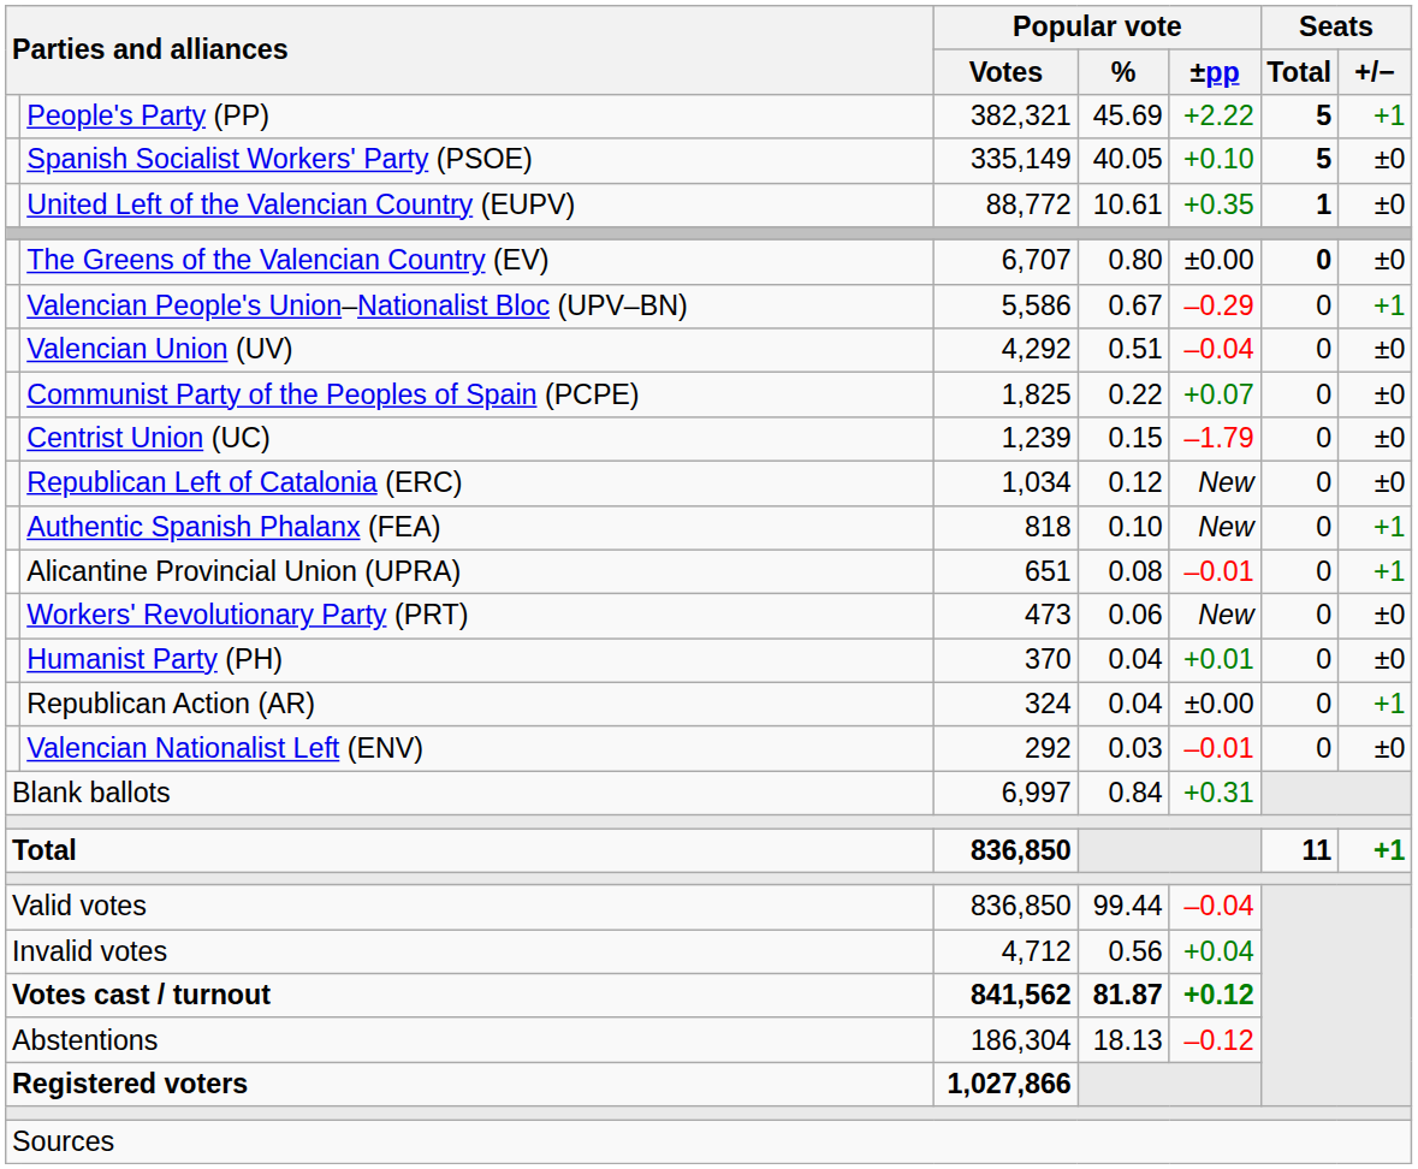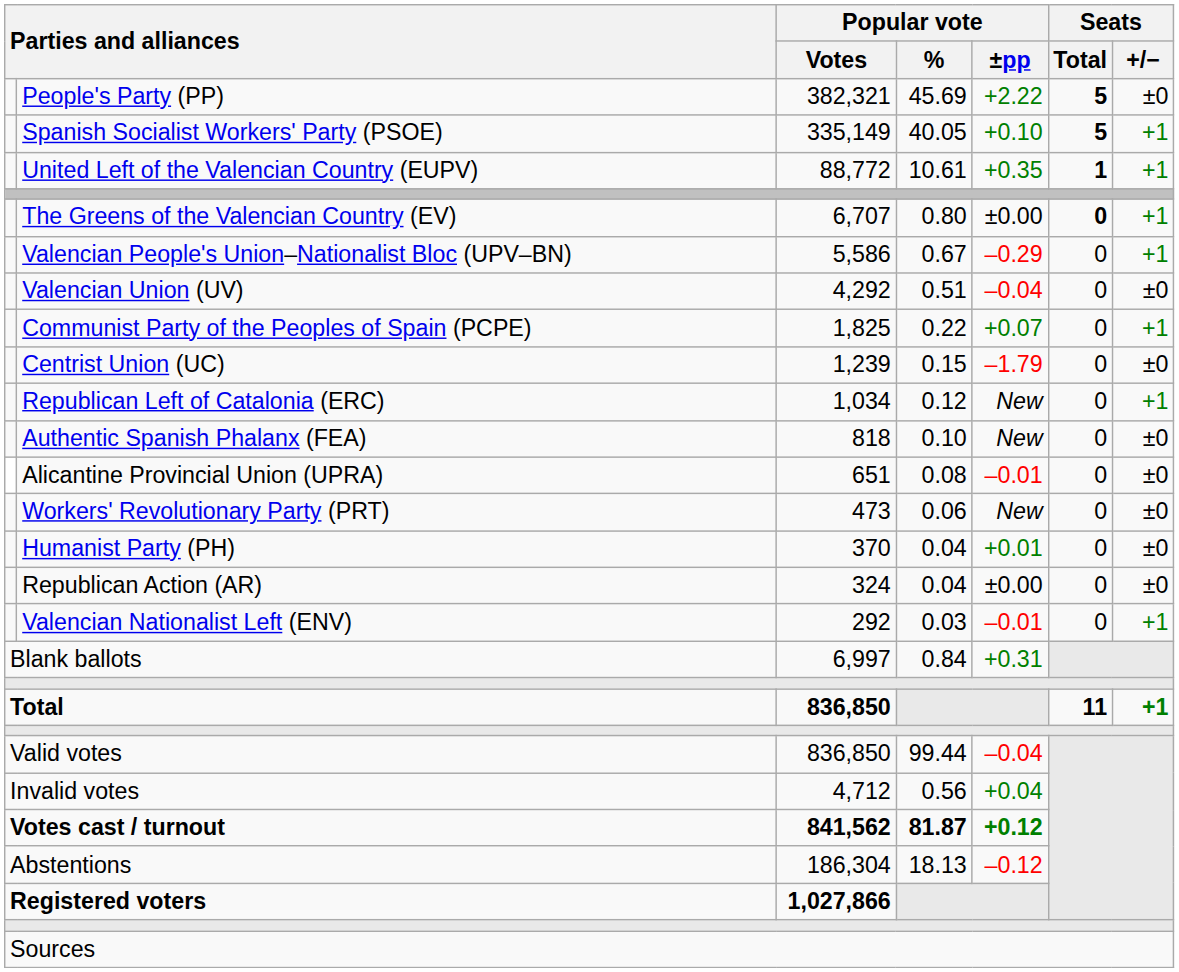 <table class="wikitable" style="text-align:right;">
 <tr>
 <th style="text-align:left;" rowspan="2" colspan="2" width="525">Parties and alliances</th>
 <th colspan="3">Popular vote</th>
 <th colspan="2">Seats</th>
 </tr>
 <tr>
 <th width="75">Votes</th>
 <th width="45">%</th>
 <th width="45">±<a href='#'>pp</a></th>
 <th width="35">Total</th>
 <th width="35">+/−</th>
 </tr>
 <tr>
 <td width="1" style="color:inherit;background:"></td>
 <td align="left"><a href='#'>People's Party</a> (PP)</td>
 <td>382,321</td>
 <td>45.69</td>
 <td style="color:green;">+2.22</td>
 <td><strong>5</strong></td>
-<td style="color:green;">+1</td>
+<td>±0</td>
 </tr>
 <tr>
 <td style="color:inherit;background:"></td>
 <td align="left"><a href='#'>Spanish Socialist Workers' Party</a> (PSOE)</td>
 <td>335,149</td>
 <td>40.05</td>
 <td style="color:green;">+0.10</td>
 <td><strong>5</strong></td>
-<td>±0</td>
+<td style="color:green;">+1</td>
 </tr>
 <tr>
 <td style="color:inherit;background:"></td>
 <td align="left"><a href='#'>United Left of the Valencian Country</a> (EUPV)</td>
 <td>88,772</td>
 <td>10.61</td>
 <td style="color:green;">+0.35</td>
 <td><strong>1</strong></td>
-<td>±0</td>
+<td style="color:green;">+1</td>
 </tr>
 <tr>
 <td colspan="7" bgcolor="#C0C0C0"></td>
 </tr>
 <tr>
 <td style="color:inherit;background:"></td>
 <td align="left"><a href='#'>The Greens of the Valencian Country</a> (EV)</td>
 <td>6,707</td>
 <td>0.80</td>
 <td>±0.00</td>
 <td><strong>0</strong></td>
-<td>±0</td>
+<td style="color:green;">+1</td>
 </tr>
 <tr>
 <td style="color:inherit;background:"></td>
 <td align="left"><a href='#'>Valencian People's Union</a>–<a href='#'>Nationalist Bloc</a> (UPV–BN)</td>
 <td>5,586</td>
 <td>0.67</td>
 <td style="color:red;">–0.29</td>
 <td>0</td>
 <td style="color:green;">+1</td>
 </tr>
 <tr>
 <td style="color:inherit;background:"></td>
 <td align="left"><a href='#'>Valencian Union</a> (UV)</td>
 <td>4,292</td>
 <td>0.51</td>
 <td style="color:red;">–0.04</td>
 <td>0</td>
 <td>±0</td>
 </tr>
 <tr>
 <td style="color:inherit;background:"></td>
 <td align="left"><a href='#'>Communist Party of the Peoples of Spain</a> (PCPE)</td>
 <td>1,825</td>
 <td>0.22</td>
 <td style="color:green;">+0.07</td>
 <td>0</td>
-<td>±0</td>
+<td style="color:green;">+1</td>
 </tr>
 <tr>
 <td style="color:inherit;background:"></td>
 <td align="left"><a href='#'>Centrist Union</a> (UC)</td>
 <td>1,239</td>
 <td>0.15</td>
 <td style="color:red;">–1.79</td>
 <td>0</td>
 <td>±0</td>
 </tr>
 <tr>
 <td style="color:inherit;background:"></td>
 <td align="left"><a href='#'>Republican Left of Catalonia</a> (ERC)</td>
 <td>1,034</td>
 <td>0.12</td>
 <td><em>New</em></td>
 <td>0</td>
-<td>±0</td>
+<td style="color:green;">+1</td>
 </tr>
 <tr>
 <td style="color:inherit;background:"></td>
 <td align="left"><a href='#'>Authentic Spanish Phalanx</a> (FEA)</td>
 <td>818</td>
 <td>0.10</td>
 <td><em>New</em></td>
 <td>0</td>
-<td style="color:green;">+1</td>
+<td>±0</td>
 </tr>
 <tr>
 <td bgcolor="white"></td>
 <td align="left">Alicantine Provincial Union (UPRA)</td>
 <td>651</td>
 <td>0.08</td>
 <td style="color:red;">–0.01</td>
 <td>0</td>
-<td style="color:green;">+1</td>
+<td>±0</td>
 </tr>
 <tr>
 <td style="color:inherit;background:"></td>
 <td align="left"><a href='#'>Workers' Revolutionary Party</a> (PRT)</td>
 <td>473</td>
 <td>0.06</td>
 <td><em>New</em></td>
 <td>0</td>
 <td>±0</td>
 </tr>
 <tr>
 <td style="color:inherit;background:"></td>
 <td align="left"><a href='#'>Humanist Party</a> (PH)</td>
 <td>370</td>
 <td>0.04</td>
 <td style="color:green;">+0.01</td>
 <td>0</td>
 <td>±0</td>
 </tr>
 <tr>
 <td style="color:inherit;background:"></td>
 <td align="left">Republican Action (AR)</td>
 <td>324</td>
 <td>0.04</td>
 <td>±0.00</td>
 <td>0</td>
-<td style="color:green;">+1</td>
+<td>±0</td>
 </tr>
 <tr>
 <td style="color:inherit;background:"></td>
 <td align="left"><a href='#'>Valencian Nationalist Left</a> (ENV)</td>
 <td>292</td>
 <td>0.03</td>
 <td style="color:red;">–0.01</td>
 <td>0</td>
-<td>±0</td>
+<td style="color:green;">+1</td>
 </tr>
 <tr>
 <td align="left" colspan="2">Blank ballots</td>
 <td>6,997</td>
 <td>0.84</td>
 <td style="color:green;">+0.31</td>
 <td bgcolor="#E9E9E9" colspan="2"></td>
 </tr>
 <tr>
 <td colspan="7" bgcolor="#E9E9E9"></td>
 </tr>
 <tr style="font-weight:bold;">
 <td align="left" colspan="2">Total</td>
 <td>836,850</td>
 <td bgcolor="#E9E9E9" colspan="2"></td>
 <td>11</td>
 <td style="color:green;">+1</td>
 </tr>
 <tr>
 <td colspan="7" bgcolor="#E9E9E9"></td>
 </tr>
 <tr>
 <td align="left" colspan="2">Valid votes</td>
 <td>836,850</td>
 <td>99.44</td>
 <td style="color:red;">–0.04</td>
 <td bgcolor="#E9E9E9" colspan="2" rowspan="5"></td>
 </tr>
 <tr>
 <td align="left" colspan="2">Invalid votes</td>
 <td>4,712</td>
 <td>0.56</td>
 <td style="color:green;">+0.04</td>
 </tr>
 <tr style="font-weight:bold;">
 <td align="left" colspan="2">Votes cast / turnout</td>
 <td>841,562</td>
 <td>81.87</td>
 <td style="color:green;">+0.12</td>
 </tr>
 <tr>
 <td align="left" colspan="2">Abstentions</td>
 <td>186,304</td>
 <td>18.13</td>
 <td style="color:red;">–0.12</td>
 </tr>
 <tr style="font-weight:bold;">
 <td align="left" colspan="2">Registered voters</td>
 <td>1,027,866</td>
 <td bgcolor="#E9E9E9" colspan="2"></td>
 </tr>
 <tr>
 <td colspan="7" bgcolor="#E9E9E9"></td>
 </tr>
 <tr>
 <td align="left" colspan="7">Sources</td>
 </tr>
 </table>
